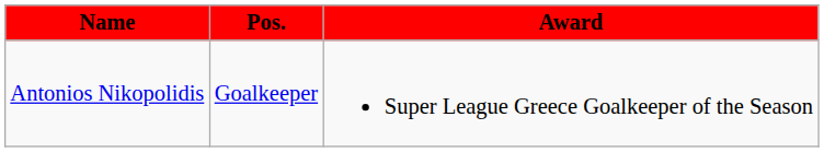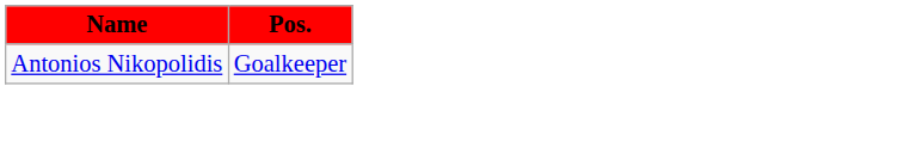 <table class="wikitable">
 <tr>
 <th style="background:#FF0000;">Name</th>
 <th style="background:#FF0000;">Pos.</th>
-<th style="background:#FF0000; !"><strong>Award</strong></th>
 </tr>
 <tr>
 <td> <a href='#'>Antonios Nikopolidis</a></td>
 <td><a href='#'>Goalkeeper</a></td>
-<td><br><ul><li>Super League Greece Goalkeeper of the Season</li></ul></td>
 </tr>
 </table>
